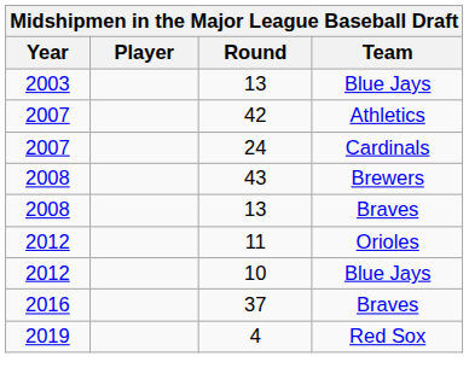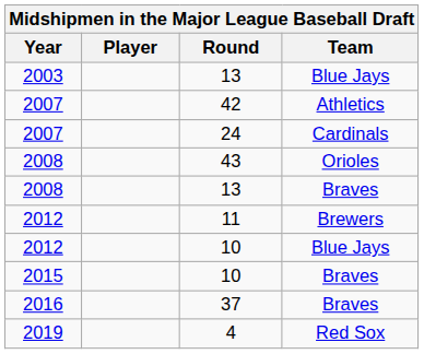 <table class="wikitable sortable collapsible" style="text-align:center">
 <tr>
 <th colspan=4>Midshipmen in the Major League Baseball Draft</th>
 </tr>
 <tr>
 <th>Year</th>
 <th>Player</th>
 <th>Round</th>
 <th>Team</th>
 </tr>
 <tr>
 <td><a href='#'>2003</a></td>
 <td></td>
 <td>13</td>
 <td><a href='#'>Blue Jays</a></td>
 </tr>
 <tr>
 <td><a href='#'>2007</a></td>
 <td></td>
 <td>42</td>
 <td><a href='#'>Athletics</a></td>
 </tr>
 <tr>
 <td><a href='#'>2007</a></td>
 <td></td>
 <td>24</td>
 <td><a href='#'>Cardinals</a></td>
 </tr>
 <tr>
 <td><a href='#'>2008</a></td>
 <td></td>
 <td>43</td>
-<td><a href='#'>Brewers</a></td>
+<td><a href='#'>Orioles</a></td>
 </tr>
 <tr>
 <td><a href='#'>2008</a></td>
 <td></td>
 <td>13</td>
 <td><a href='#'>Braves</a></td>
 </tr>
 <tr>
 <td><a href='#'>2012</a></td>
 <td></td>
 <td>11</td>
-<td><a href='#'>Orioles</a></td>
+<td><a href='#'>Brewers</a></td>
 </tr>
 <tr>
 <td><a href='#'>2012</a></td>
 <td></td>
 <td>10</td>
 <td><a href='#'>Blue Jays</a></td>
+</tr>
+<tr>
+<td><a href='#'>2015</a></td>
+<td></td>
+<td>10</td>
+<td><a href='#'>Braves</a></td>
 </tr>
 <tr>
 <td><a href='#'>2016</a></td>
 <td></td>
 <td>37</td>
 <td><a href='#'>Braves</a></td>
 </tr>
 <tr>
 <td><a href='#'>2019</a></td>
 <td></td>
 <td>4</td>
 <td><a href='#'>Red Sox</a></td>
 </tr>
 </table>
